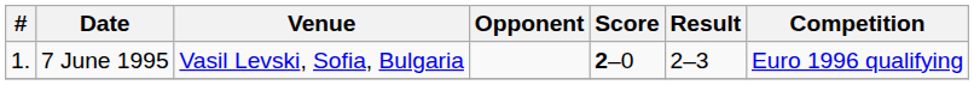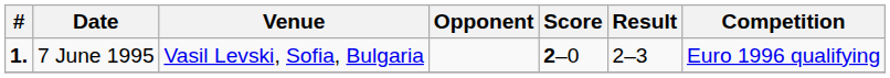 <table class="wikitable" border="1">
 <tr>
 <th>#</th>
 <th>Date</th>
 <th>Venue</th>
 <th>Opponent</th>
 <th>Score</th>
 <th>Result</th>
 <th>Competition</th>
 </tr>
 <tr>
-<td>1.</td>
+<td><strong>1.</strong></td>
 <td>7 June 1995</td>
 <td><a href='#'>Vasil Levski</a>, <a href='#'>Sofia</a>, <a href='#'>Bulgaria</a></td>
 <td></td>
 <td><strong>2</strong>–0</td>
 <td>2–3</td>
 <td><a href='#'>Euro 1996 qualifying</a></td>
 </tr>
 <tr>
 </tr>
 </table>
